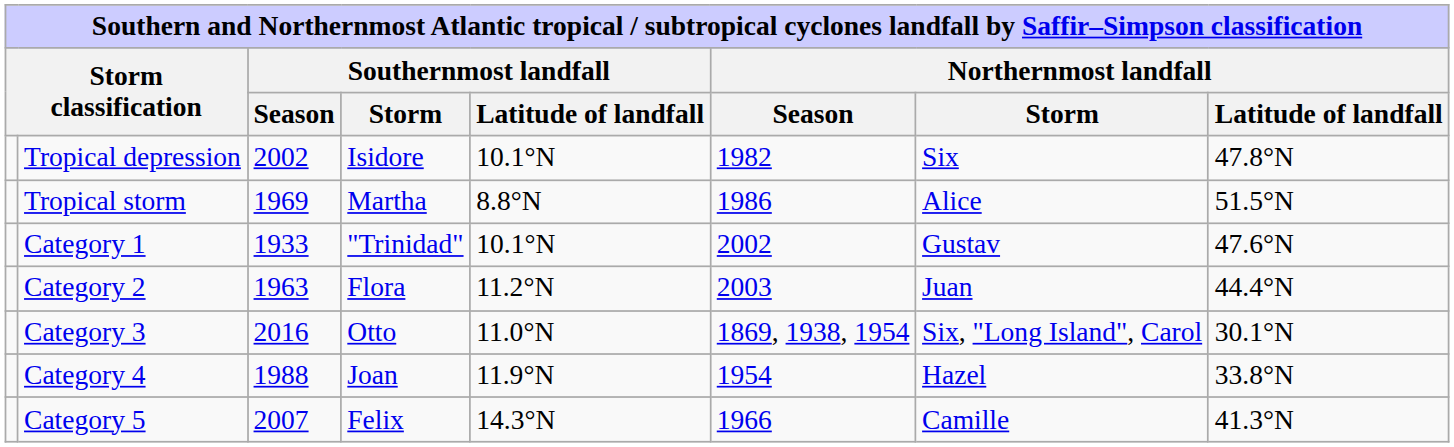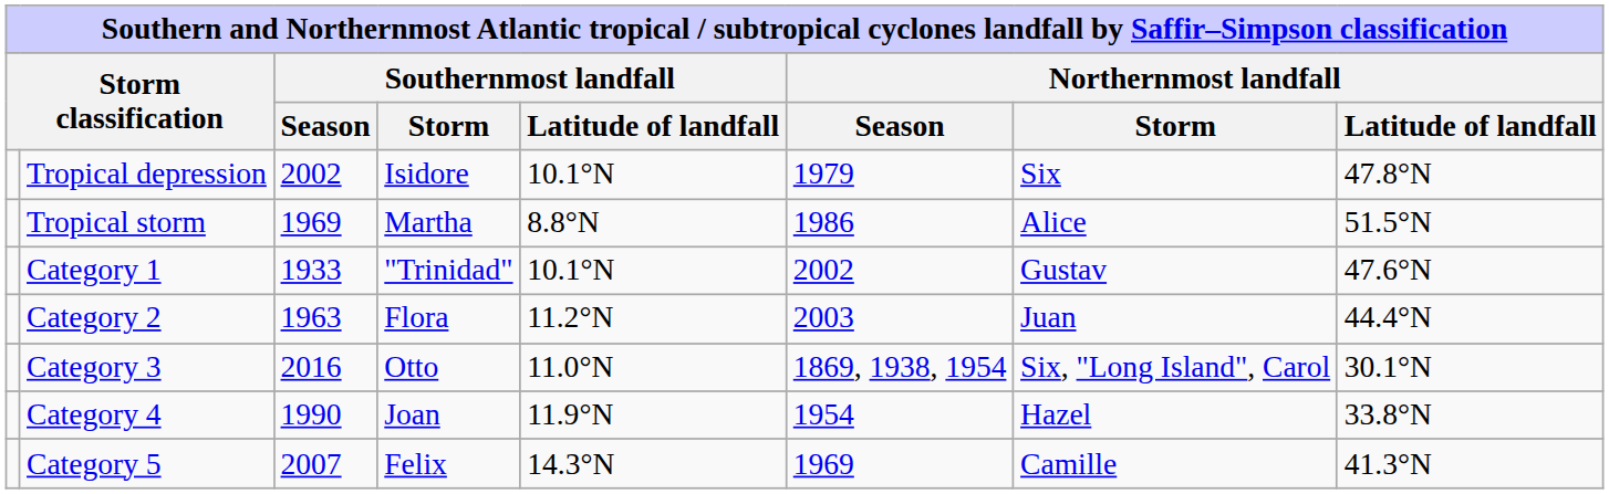 <table class="wikitable" style="margin: 1em auto;">
 <tr>
 <th colspan="8" style="background:#ccf;">Southern and Northernmost Atlantic tropical / subtropical cyclones landfall by <a href='#'>Saffir–Simpson classification</a></th>
 </tr>
 <tr>
 <th colspan="2" rowspan="2">Storm<br>classification</th>
 <th colspan="3">Southernmost landfall</th>
 <th colspan="3">Northernmost landfall</th>
 </tr>
 <tr>
 <th>Season</th>
 <th>Storm</th>
 <th>Latitude of landfall</th>
 <th>Season</th>
 <th>Storm</th>
 <th>Latitude of landfall</th>
 </tr>
 <tr>
 <td></td>
 <td><a href='#'>Tropical depression</a></td>
 <td><a href='#'>2002</a></td>
 <td><a href='#'>Isidore</a></td>
 <td>10.1°N</td>
-<td><a href='#'>1982</a></td>
+<td><a href='#'>1979</a></td>
 <td><a href='#'>Six</a></td>
 <td>47.8°N</td>
 </tr>
 <tr>
 <td></td>
 <td><a href='#'>Tropical storm</a></td>
 <td><a href='#'>1969</a></td>
 <td><a href='#'>Martha</a></td>
 <td>8.8°N</td>
 <td><a href='#'>1986</a></td>
 <td><a href='#'>Alice</a></td>
 <td>51.5°N</td>
 </tr>
 <tr>
 <td></td>
 <td><a href='#'>Category 1</a></td>
 <td><a href='#'>1933</a></td>
 <td><a href='#'>"Trinidad"</a></td>
 <td>10.1°N</td>
 <td><a href='#'>2002</a></td>
 <td><a href='#'>Gustav</a></td>
 <td>47.6°N</td>
 </tr>
 <tr>
 <td></td>
 <td><a href='#'>Category 2</a></td>
 <td><a href='#'>1963</a></td>
 <td><a href='#'>Flora</a></td>
 <td>11.2°N</td>
 <td><a href='#'>2003</a></td>
 <td><a href='#'>Juan</a></td>
 <td>44.4°N</td>
 </tr>
 <tr>
 <td></td>
 <td><a href='#'>Category 3</a></td>
 <td><a href='#'>2016</a></td>
 <td><a href='#'>Otto</a></td>
 <td>11.0°N</td>
 <td><a href='#'>1869</a>, <a href='#'>1938</a>, <a href='#'>1954</a></td>
 <td><a href='#'>Six</a>, <a href='#'>"Long Island"</a>, <a href='#'>Carol</a></td>
 <td>30.1°N</td>
 </tr>
 <tr>
 <td></td>
 <td><a href='#'>Category 4</a></td>
-<td><a href='#'>1988</a></td>
+<td><a href='#'>1990</a></td>
 <td><a href='#'>Joan</a></td>
 <td>11.9°N</td>
 <td><a href='#'>1954</a></td>
 <td><a href='#'>Hazel</a></td>
 <td>33.8°N</td>
 </tr>
 <tr>
 <td></td>
 <td><a href='#'>Category 5</a></td>
 <td><a href='#'>2007</a></td>
 <td><a href='#'>Felix</a></td>
 <td>14.3°N</td>
-<td><a href='#'>1966</a></td>
+<td><a href='#'>1969</a></td>
 <td><a href='#'>Camille</a></td>
 <td>41.3°N</td>
 </tr>
 </table>
